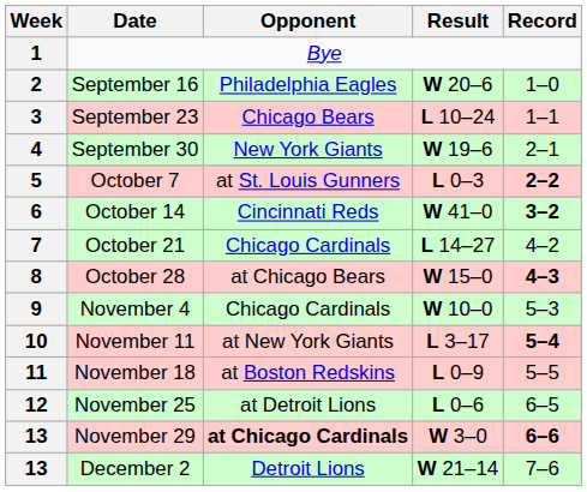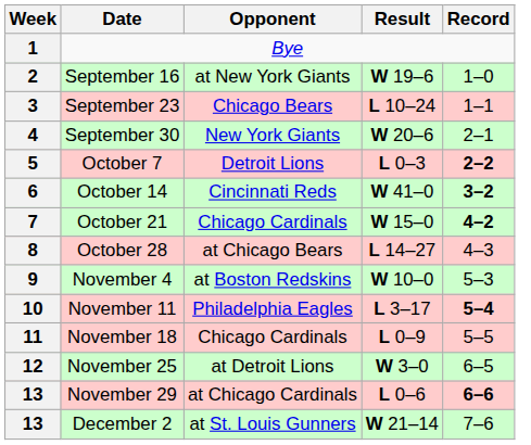 <table class="wikitable" style="text-align:center">
 <tr>
 <th>Week</th>
 <th>Date</th>
 <th>Opponent</th>
 <th>Result</th>
 <th>Record</th>
 </tr>
 <tr>
 <th>1</th>
 <td colspan=6><em><a href='#'>Bye</a></em></td>
 </tr>
 <tr style="background:#cfc">
 <th>2</th>
 <td>September 16</td>
-<td><a href='#'>Philadelphia Eagles</a></td>
-<td><strong>W</strong> 20–6</td>
+<td>at New York Giants</td>
+<td><strong>W</strong> 19–6</td>
 <td>1–0</td>
 </tr>
 <tr style="background:#fcc">
 <th>3</th>
 <td>September 23</td>
 <td><a href='#'>Chicago Bears</a></td>
 <td><strong>L</strong> 10–24</td>
 <td>1–1</td>
 </tr>
 <tr style="background:#cfc">
 <th>4</th>
 <td>September 30</td>
 <td><a href='#'>New York Giants</a></td>
-<td><strong>W</strong> 19–6</td>
+<td><strong>W</strong> 20–6</td>
 <td>2–1</td>
 </tr>
 <tr style="background:#fcc">
 <th>5</th>
 <td>October 7</td>
-<td>at <a href='#'>St. Louis Gunners</a></td>
+<td><a href='#'>Detroit Lions</a></td>
 <td><strong>L</strong> 0–3</td>
 <td><strong>2–2</strong></td>
 </tr>
 <tr style="background:#cfc">
 <th>6</th>
 <td>October 14</td>
 <td><a href='#'>Cincinnati Reds</a></td>
 <td><strong>W</strong> 41–0</td>
 <td><strong>3–2</strong></td>
 </tr>
 <tr style="background:#cfc">
 <th>7</th>
 <td>October 21</td>
 <td><a href='#'>Chicago Cardinals</a></td>
-<td><strong>L</strong> 14–27</td>
-<td>4–2</td>
+<td><strong>W</strong> 15–0</td>
+<td><strong>4–2</strong></td>
 </tr>
 <tr style="background:#fcc">
 <th>8</th>
 <td>October 28</td>
 <td>at Chicago Bears</td>
-<td><strong>W</strong> 15–0</td>
-<td><strong>4–3</strong></td>
+<td><strong>L</strong> 14–27</td>
+<td>4–3</td>
 </tr>
 <tr style="background:#cfc">
 <th>9</th>
 <td>November 4</td>
-<td>Chicago Cardinals</td>
+<td>at <a href='#'>Boston Redskins</a></td>
 <td><strong>W</strong> 10–0</td>
 <td>5–3</td>
 </tr>
 <tr style="background:#fcc">
 <th>10</th>
 <td>November 11</td>
-<td>at New York Giants</td>
+<td><a href='#'>Philadelphia Eagles</a></td>
 <td><strong>L</strong> 3–17</td>
 <td><strong>5–4</strong></td>
 </tr>
 <tr style="background:#fcc">
 <th>11</th>
 <td>November 18</td>
-<td>at <a href='#'>Boston Redskins</a></td>
+<td>Chicago Cardinals</td>
 <td><strong>L</strong> 0–9</td>
 <td>5–5</td>
 </tr>
 <tr style="background:#cfc">
 <th>12</th>
 <td>November 25</td>
 <td>at Detroit Lions</td>
-<td><strong>L</strong> 0–6</td>
+<td><strong>W</strong> 3–0</td>
 <td>6–5</td>
 </tr>
 <tr style="background:#fcc">
 <th>13</th>
 <td>November 29</td>
-<td><strong>at Chicago Cardinals</strong></td>
-<td><strong>W</strong> 3–0</td>
+<td>at Chicago Cardinals</td>
+<td><strong>L</strong> 0–6</td>
 <td><strong>6–6</strong></td>
 </tr>
 <tr style="background:#cfc">
 <th>13</th>
 <td>December 2</td>
-<td><a href='#'>Detroit Lions</a></td>
+<td>at <a href='#'>St. Louis Gunners</a></td>
 <td><strong>W</strong> 21–14</td>
 <td>7–6</td>
 </tr>
 </table>
